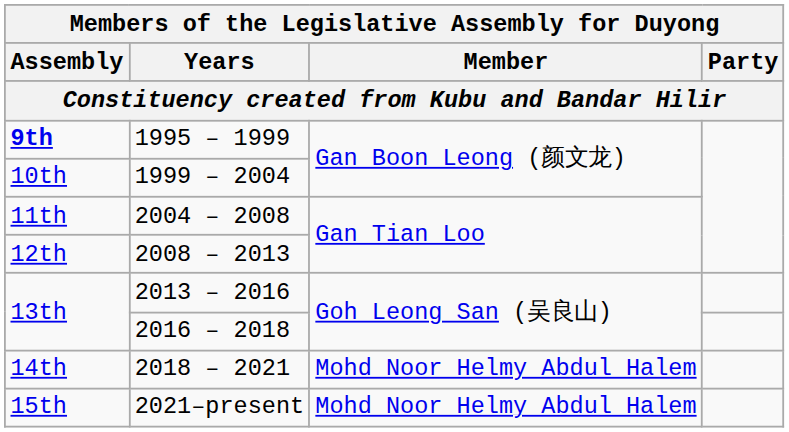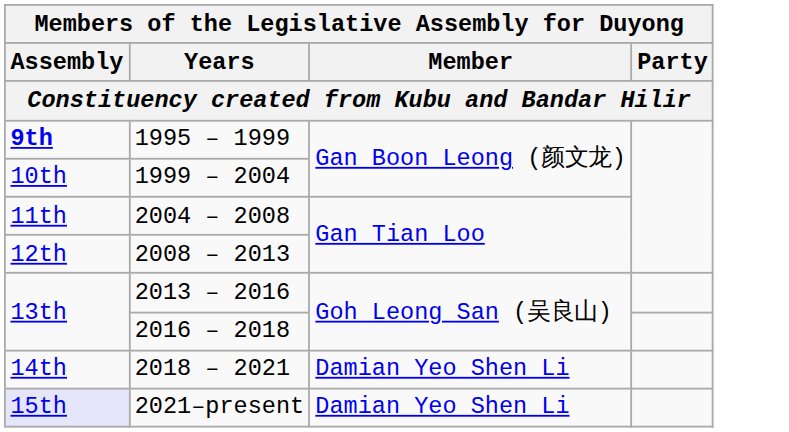 <table class=wikitable>
 <tr>
 <th colspan=4>Members of the Legislative Assembly for Duyong</th>
 </tr>
 <tr>
 <th>Assembly</th>
 <th>Years</th>
 <th>Member</th>
 <th>Party</th>
 </tr>
 <tr>
 <th colspan="4"><em>Constituency created from Kubu and Bandar Hilir</em></th>
 </tr>
 <tr>
 <td><strong><a href='#'>9th</a></strong></td>
 <td>1995 – 1999</td>
 <td rowspan="2"><a href='#'>Gan Boon Leong</a> (颜文龙)</td>
 <td rowspan="4"></td>
 </tr>
 <tr>
 <td><a href='#'>10th</a></td>
 <td>1999 – 2004</td>
 </tr>
 <tr>
 <td><a href='#'>11th</a></td>
 <td>2004 – 2008</td>
 <td rowspan="2"><a href='#'>Gan Tian Loo</a></td>
 </tr>
 <tr>
 <td><a href='#'>12th</a></td>
 <td>2008 – 2013</td>
 </tr>
 <tr>
 <td rowspan="2"><a href='#'>13th</a></td>
 <td>2013 – 2016</td>
 <td rowspan="2"><a href='#'>Goh Leong San</a> (吴良山)</td>
 <td></td>
 </tr>
 <tr>
 <td>2016 – 2018</td>
 <td bgcolor=></td>
 </tr>
 <tr>
 <td><a href='#'>14th</a></td>
 <td>2018 – 2021</td>
-<td><a href='#'>Mohd Noor Helmy Abdul Halem</a></td>
+<td><a href='#'>Damian Yeo Shen Li</a></td>
 <td></td>
 </tr>
 <tr>
-<td><a href='#'>15th</a></td>
+<td style="background: lavender;"><a href='#'>15th</a></td>
 <td>2021–present</td>
-<td><a href='#'>Mohd Noor Helmy Abdul Halem</a></td>
+<td><a href='#'>Damian Yeo Shen Li</a></td>
 <td></td>
 </tr>
 </table>
